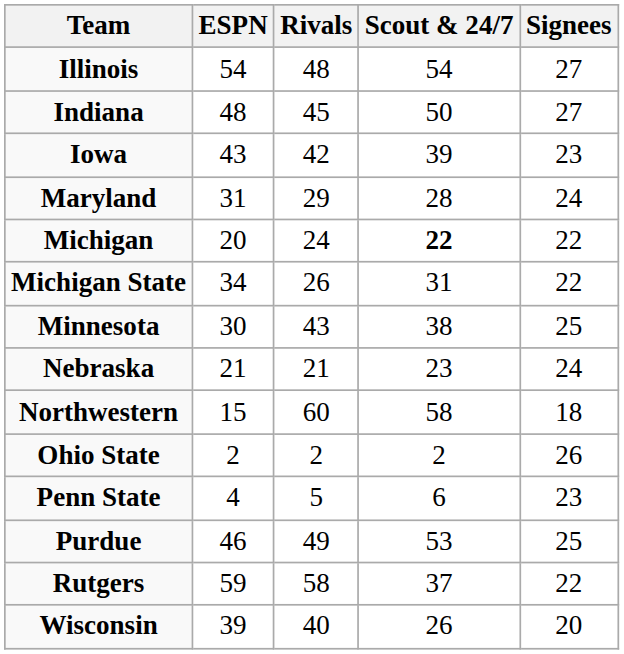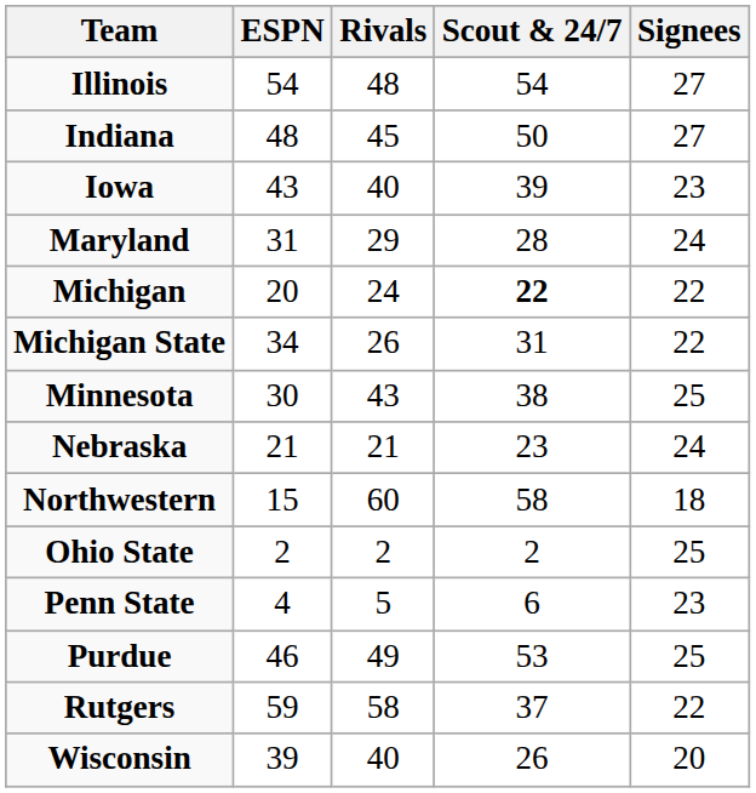 <table class="wikitable">
 <tr>
 <th>Team</th>
 <th>ESPN</th>
 <th>Rivals</th>
 <th>Scout & 24/7</th>
 <th>Signees</th>
 </tr>
 <tr style="text-align:center;">
 <td><strong>Illinois</strong></td>
 <td style="text-align:center; background:white">54</td>
 <td style="text-align:center; background:white">48</td>
 <td style="text-align:center; background:white">54</td>
 <td style="text-align:center; background:white">27</td>
 </tr>
 <tr style="text-align:center;">
 <td><strong>Indiana</strong></td>
 <td style="text-align:center; background:white">48</td>
 <td style="text-align:center; background:white">45</td>
 <td style="text-align:center; background:white">50</td>
 <td style="text-align:center; background:white">27</td>
 </tr>
 <tr style="text-align:center;">
 <td><strong>Iowa</strong></td>
 <td style="text-align:center; background:white">43</td>
-<td style="text-align:center; background:white">42</td>
+<td style="text-align:center; background:white">40</td>
 <td style="text-align:center; background:white">39</td>
 <td style="text-align:center; background:white">23</td>
 </tr>
 <tr style="text-align:center;">
 <td><strong>Maryland</strong></td>
 <td style="text-align:center; background:white">31</td>
 <td style="text-align:center; background:white">29</td>
 <td style="text-align:center; background:white">28</td>
 <td style="text-align:center; background:white">24</td>
 </tr>
 <tr style="text-align:center;">
 <td><strong>Michigan</strong></td>
 <td style="text-align:center; background:white">20</td>
 <td style="text-align:center; background:white">24</td>
 <td style="text-align:center; background:white"><strong>22</strong></td>
 <td style="text-align:center; background:white">22</td>
 </tr>
 <tr style="text-align:center;">
 <td><strong>Michigan State</strong></td>
 <td style="text-align:center; background:white">34</td>
 <td style="text-align:center; background:white">26</td>
 <td style="text-align:center; background:white">31</td>
 <td style="text-align:center; background:white">22</td>
 </tr>
 <tr style="text-align:center;">
 <td><strong>Minnesota</strong></td>
 <td style="text-align:center; background:white">30</td>
 <td style="text-align:center; background:white">43</td>
 <td style="text-align:center; background:white">38</td>
 <td style="text-align:center; background:white">25</td>
 </tr>
 <tr style="text-align:center;">
 <td><strong>Nebraska</strong></td>
 <td style="text-align:center; background:white">21</td>
 <td style="text-align:center; background:white">21</td>
 <td style="text-align:center; background:white">23</td>
 <td style="text-align:center; background:white">24</td>
 </tr>
 <tr style="text-align:center;">
 <td><strong>Northwestern</strong></td>
 <td style="text-align:center; background:white">15</td>
 <td style="text-align:center; background:white">60</td>
 <td style="text-align:center; background:white">58</td>
 <td style="text-align:center; background:white">18</td>
 </tr>
 <tr style="text-align:center;">
 <td><strong>Ohio State</strong></td>
 <td style="text-align:center; background:white">2</td>
 <td style="text-align:center; background:white">2</td>
 <td style="text-align:center; background:white">2</td>
-<td style="text-align:center; background:white">26</td>
+<td style="text-align:center; background:white">25</td>
 </tr>
 <tr style="text-align:center;">
 <td><strong>Penn State</strong></td>
 <td style="text-align:center; background:white">4</td>
 <td style="text-align:center; background:white">5</td>
 <td style="text-align:center; background:white">6</td>
 <td style="text-align:center; background:white">23</td>
 </tr>
 <tr style="text-align:center;">
 <td><strong>Purdue</strong></td>
 <td style="text-align:center; background:white">46</td>
 <td style="text-align:center; background:white">49</td>
 <td style="text-align:center; background:white">53</td>
 <td style="text-align:center; background:white">25</td>
 </tr>
 <tr style="text-align:center;">
 <td><strong>Rutgers</strong></td>
 <td style="text-align:center; background:white">59</td>
 <td style="text-align:center; background:white">58</td>
 <td style="text-align:center; background:white">37</td>
 <td style="text-align:center; background:white">22</td>
 </tr>
 <tr style="text-align:center;">
 <td><strong>Wisconsin</strong></td>
 <td style="text-align:center; background:white">39</td>
 <td style="text-align:center; background:white">40</td>
 <td style="text-align:center; background:white">26</td>
 <td style="text-align:center; background:white">20</td>
 </tr>
 </table>
